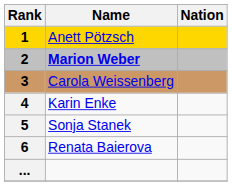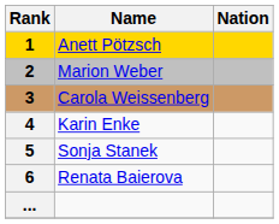 <table class="wikitable">
 <tr>
 <th>Rank</th>
 <th>Name</th>
 <th>Nation</th>
 </tr>
 <tr bgcolor="gold">
 <td align="center"><strong>1</strong></td>
 <td><a href='#'>Anett Pötzsch</a></td>
 <td></td>
 </tr>
 <tr bgcolor="silver">
 <td align="center"><strong>2</strong></td>
-<td><strong><a href='#'>Marion Weber</a></strong></td>
+<td><a href='#'>Marion Weber</a></td>
 <td></td>
 </tr>
 <tr bgcolor="cc9966">
 <td align="center"><strong>3</strong></td>
 <td><a href='#'>Carola Weissenberg</a></td>
 <td></td>
 </tr>
 <tr>
 <th>4</th>
 <td><a href='#'>Karin Enke</a></td>
 <td></td>
 </tr>
 <tr>
 <th>5</th>
 <td><a href='#'>Sonja Stanek</a></td>
 <td></td>
 </tr>
 <tr>
 <th>6</th>
 <td><a href='#'>Renata Baierova</a></td>
 <td></td>
 </tr>
 <tr>
 <th>...</th>
 <td></td>
 <td></td>
 </tr>
 <tr>
 </tr>
 </table>
